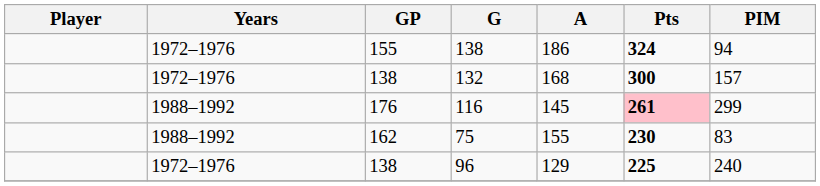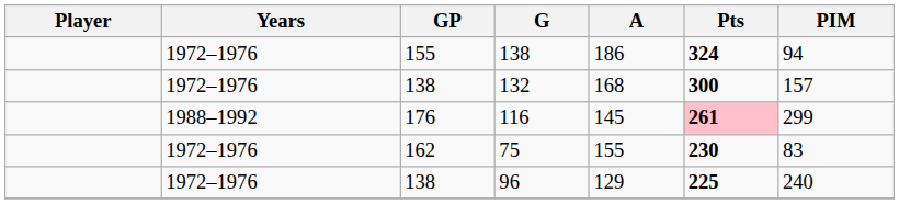 <table class="wikitable sortable" width ="700" cellpadding="1" border="1" cellspacing="0">
 <tr>
 <th>Player</th>
 <th>Years</th>
 <th>GP</th>
 <th>G</th>
 <th>A</th>
 <th>Pts</th>
 <th>PIM</th>
 </tr>
 <tr>
 <td></td>
 <td>1972–1976</td>
 <td>155</td>
 <td>138</td>
 <td>186</td>
 <td><strong>324</strong></td>
 <td>94</td>
 </tr>
 <tr>
 <td></td>
 <td>1972–1976</td>
 <td>138</td>
 <td>132</td>
 <td>168</td>
 <td><strong>300</strong></td>
 <td>157</td>
 </tr>
 <tr>
 <td></td>
 <td>1988–1992</td>
 <td>176</td>
 <td>116</td>
 <td>145</td>
 <td style="background: pink;"><strong>261</strong></td>
 <td>299</td>
 </tr>
 <tr>
 <td></td>
-<td>1988–1992</td>
+<td>1972–1976</td>
 <td>162</td>
 <td>75</td>
 <td>155</td>
 <td><strong>230</strong></td>
 <td>83</td>
 </tr>
 <tr>
 <td></td>
 <td>1972–1976</td>
 <td>138</td>
 <td>96</td>
 <td>129</td>
 <td><strong>225</strong></td>
 <td>240</td>
 </tr>
 <tr>
 </tr>
 </table>
